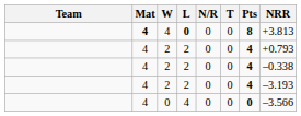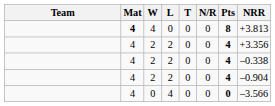 <table class="wikitable" style="text-align:center;">
 <tr>
 <th width=175>Team</th>
 <th width=20 abbr="Matches">Mat</th>
 <th width=20 abbr="Won">W</th>
 <th width=20 abbr="Lost">L</th>
+<th width=20 abbr="Tied">T</th>
 <th width=20 abbr="No result">N/R</th>
-<th width=20 abbr="Tied">T</th>
 <th width=20 abbr="Points">Pts</th>
 <th width=20 abbr="Net run rate">NRR</th>
 </tr>
 <tr style="background:#f9f9f9;">
 <td style="text-align:left;"></td>
 <td><strong>4</strong></td>
 <td>4</td>
-<td><strong>0</strong></td>
+<td>0</td>
 <td>0</td>
 <td>0</td>
 <td><strong>8</strong></td>
 <td>+3.813</td>
 </tr>
 <tr style="background:#f9f9f9;">
 <td style="text-align:left;"></td>
 <td>4</td>
 <td>2</td>
 <td>2</td>
 <td>0</td>
 <td>0</td>
 <td><strong>4</strong></td>
-<td>+0.793</td>
+<td>+3.356</td>
 </tr>
 <tr style="background:#f9f9f9;">
 <td style="text-align:left;"></td>
 <td>4</td>
 <td>2</td>
 <td>2</td>
 <td>0</td>
 <td>0</td>
 <td><strong>4</strong></td>
 <td>–0.338</td>
 </tr>
 <tr style="background:#f9f9f9;">
 <td style="text-align:left;"></td>
 <td>4</td>
 <td>2</td>
 <td>2</td>
 <td>0</td>
 <td>0</td>
 <td><strong>4</strong></td>
-<td>–3.193</td>
+<td>–0.904</td>
 </tr>
 <tr style="background:#f9f9f9;">
 <td style="text-align:left;"></td>
 <td>4</td>
 <td>0</td>
 <td>4</td>
 <td>0</td>
 <td>0</td>
 <td><strong>0</strong></td>
 <td>–3.566</td>
 </tr>
 </table>
